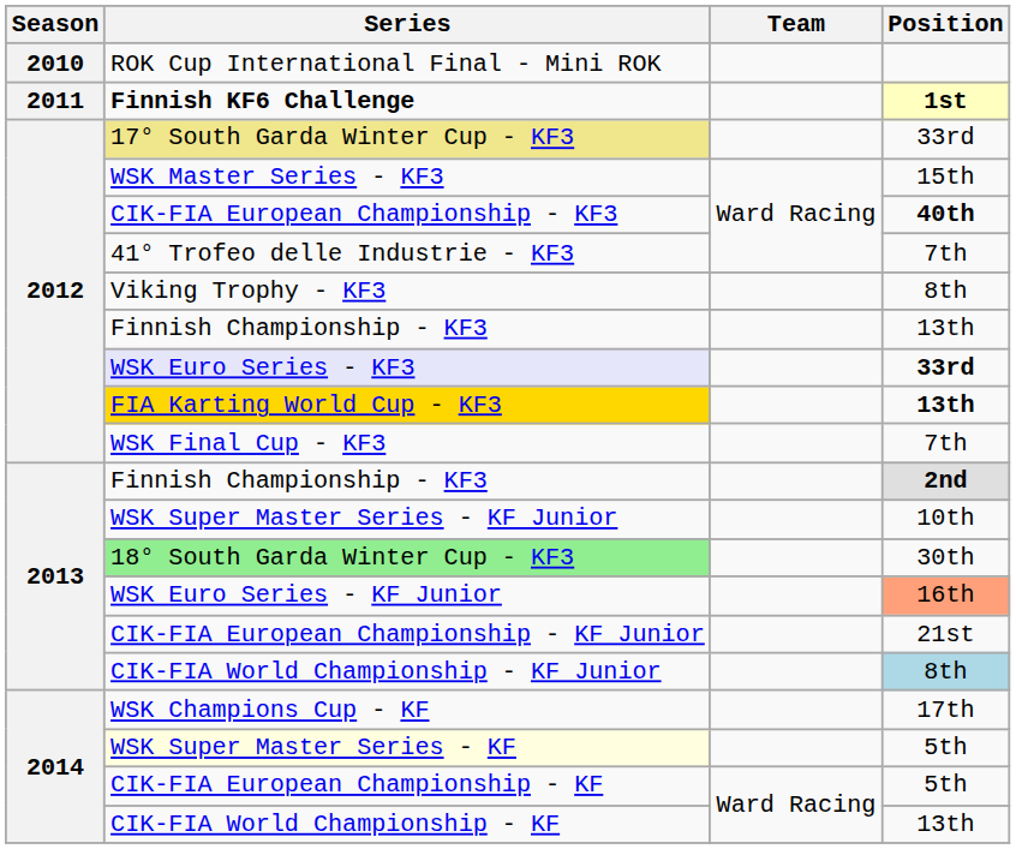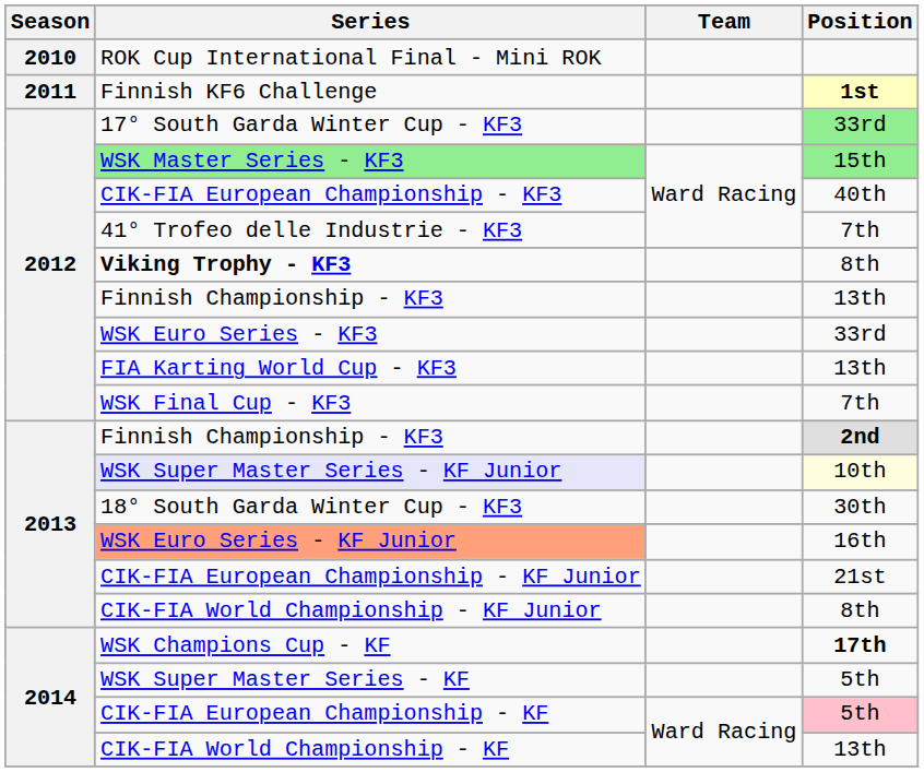 <table class="wikitable" style="font-size: 85%; text-align:center">
 <tr>
 <th>Season</th>
 <th>Series</th>
 <th>Team</th>
 <th>Position</th>
 </tr>
 <tr>
 <th>2010</th>
 <td align="left">ROK Cup International Final - Mini ROK</td>
 <td align="left"></td>
 <td></td>
 </tr>
 <tr>
 <th>2011</th>
-<td align="left"><strong>Finnish KF6 Challenge</strong></td>
+<td align="left">Finnish KF6 Challenge</td>
 <td align="left"></td>
 <th style="background:#FFFFBF">1st</th>
 </tr>
 <tr>
 <th rowspan="9">2012</th>
-<td align="left" style="background: khaki;">17° South Garda Winter Cup - <a href='#'>KF3</a></td>
+<td align="left">17° South Garda Winter Cup - <a href='#'>KF3</a></td>
 <td align="left"></td>
-<td>33rd</td>
+<td style="background: lightgreen;">33rd</td>
 </tr>
 <tr>
-<td align="left"><a href='#'>WSK Master Series</a> - <a href='#'>KF3</a></td>
+<td align="left" style="background: lightgreen;"><a href='#'>WSK Master Series</a> - <a href='#'>KF3</a></td>
 <td rowspan="3" align="left">Ward Racing</td>
-<td>15th</td>
+<td style="background: lightgreen;">15th</td>
 </tr>
 <tr>
 <td align="left"><a href='#'>CIK-FIA European Championship</a> - <a href='#'>KF3</a></td>
-<td><strong>40th</strong></td>
+<td>40th</td>
 </tr>
 <tr>
 <td align="left">41° Trofeo delle Industrie - <a href='#'>KF3</a></td>
 <td>7th</td>
 </tr>
 <tr>
-<td align="left">Viking Trophy - <a href='#'>KF3</a></td>
+<td align="left"><strong>Viking Trophy - <a href='#'>KF3</a></strong></td>
 <td align="left"></td>
 <td>8th</td>
 </tr>
 <tr>
 <td align="left">Finnish Championship - <a href='#'>KF3</a></td>
 <td align="left"></td>
 <td>13th</td>
 </tr>
 <tr>
-<td align="left" style="background: lavender;"><a href='#'>WSK Euro Series</a> - <a href='#'>KF3</a></td>
+<td align="left"><a href='#'>WSK Euro Series</a> - <a href='#'>KF3</a></td>
 <td align="left"></td>
-<td><strong>33rd</strong></td>
+<td>33rd</td>
 </tr>
 <tr>
-<td align="left" style="background: gold;"><a href='#'>FIA Karting World Cup</a> - <a href='#'>KF3</a></td>
+<td align="left"><a href='#'>FIA Karting World Cup</a> - <a href='#'>KF3</a></td>
 <td align="left"></td>
-<td><strong>13th</strong></td>
+<td>13th</td>
 </tr>
 <tr>
 <td align="left"><a href='#'>WSK Final Cup</a> - <a href='#'>KF3</a></td>
 <td align="left"></td>
 <td>7th</td>
 </tr>
 <tr>
 <th rowspan="6">2013</th>
 <td align="left">Finnish Championship - <a href='#'>KF3</a></td>
 <td align="left"></td>
 <th style="background:#DFDFDF"><strong>2nd</strong></th>
 </tr>
 <tr>
-<td align="left"><a href='#'>WSK Super Master Series</a> - <a href='#'>KF Junior</a></td>
+<td align="left" style="background: lavender;"><a href='#'>WSK Super Master Series</a> - <a href='#'>KF Junior</a></td>
 <td align="left"></td>
-<td>10th</td>
+<td style="background: lightyellow;">10th</td>
 </tr>
 <tr>
-<td align="left" style="background: lightgreen;">18° South Garda Winter Cup - <a href='#'>KF3</a></td>
+<td align="left">18° South Garda Winter Cup - <a href='#'>KF3</a></td>
 <td align="left"></td>
 <td>30th</td>
 </tr>
 <tr>
-<td align="left"><a href='#'>WSK Euro Series</a> - <a href='#'>KF Junior</a></td>
+<td align="left" style="background: lightsalmon;"><a href='#'>WSK Euro Series</a> - <a href='#'>KF Junior</a></td>
 <td align="left"></td>
-<td style="background: lightsalmon;">16th</td>
+<td>16th</td>
 </tr>
 <tr>
 <td align="left"><a href='#'>CIK-FIA European Championship</a> - <a href='#'>KF Junior</a></td>
 <td align="left"></td>
 <td>21st</td>
 </tr>
 <tr>
 <td align="left"><a href='#'>CIK-FIA World Championship</a> - <a href='#'>KF Junior</a></td>
 <td align="left"></td>
-<td style="background: lightblue;">8th</td>
+<td>8th</td>
 </tr>
 <tr>
 <th rowspan="4">2014</th>
 <td align="left"><a href='#'>WSK Champions Cup</a> - <a href='#'>KF</a></td>
 <td align="left"></td>
-<td>17th</td>
+<td><strong>17th</strong></td>
 </tr>
 <tr>
-<td align="left" style="background: lightyellow;"><a href='#'>WSK Super Master Series</a> - <a href='#'>KF</a></td>
+<td align="left"><a href='#'>WSK Super Master Series</a> - <a href='#'>KF</a></td>
 <td align="left"></td>
 <td>5th</td>
 </tr>
 <tr>
 <td align="left"><a href='#'>CIK-FIA European Championship</a> - <a href='#'>KF</a></td>
 <td rowspan="2" align="left">Ward Racing</td>
-<td>5th</td>
+<td style="background: pink;">5th</td>
 </tr>
 <tr>
 <td align="left"><a href='#'>CIK-FIA World Championship</a> - <a href='#'>KF</a></td>
 <td>13th</td>
 </tr>
 </table>
